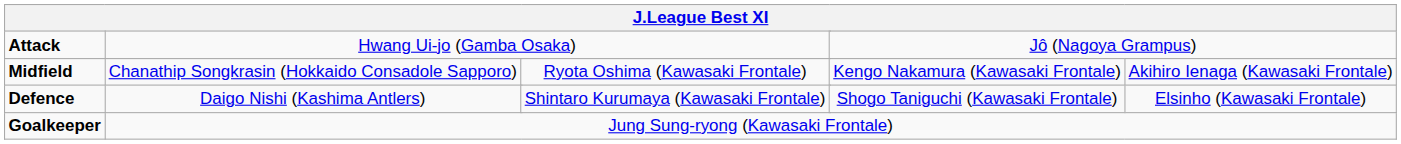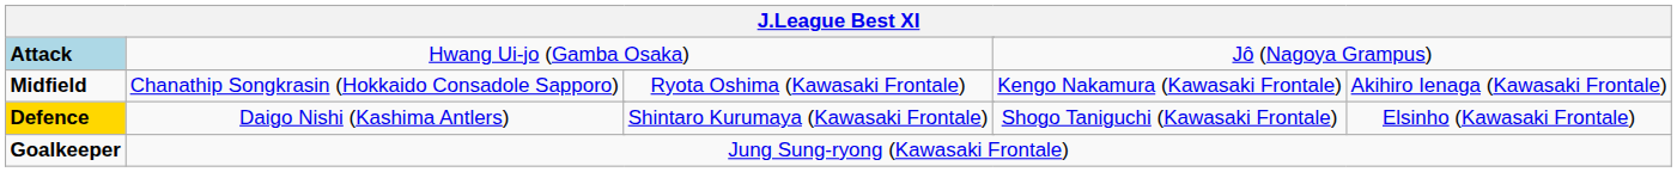 <table class="wikitable">
 <tr>
 <th colspan="13"><a href='#'>J.League Best XI</a></th>
 </tr>
 <tr>
-<td><strong>Attack</strong></td>
+<td style="background: lightblue;"><strong>Attack</strong></td>
 <td colspan="6" align="center"> <a href='#'>Hwang Ui-jo</a> (<a href='#'>Gamba Osaka</a>)</td>
 <td colspan="6" align="center"> <a href='#'>Jô</a> (<a href='#'>Nagoya Grampus</a>)</td>
 </tr>
 <tr>
 <td><strong>Midfield</strong></td>
 <td colspan="3" align="center"> <a href='#'>Chanathip Songkrasin</a> (<a href='#'>Hokkaido Consadole Sapporo</a>)</td>
 <td colspan="3" align="center"> <a href='#'>Ryota Oshima</a> (<a href='#'>Kawasaki Frontale</a>)</td>
 <td colspan="3" align="center"> <a href='#'>Kengo Nakamura</a> (<a href='#'>Kawasaki Frontale</a>)</td>
 <td colspan="3" align="center"> <a href='#'>Akihiro Ienaga</a> (<a href='#'>Kawasaki Frontale</a>)</td>
 </tr>
 <tr>
-<td><strong>Defence</strong></td>
+<td style="background: gold;"><strong>Defence</strong></td>
 <td colspan="3" align="center"> <a href='#'>Daigo Nishi</a> (<a href='#'>Kashima Antlers</a>)</td>
 <td colspan="3" align="center"> <a href='#'>Shintaro Kurumaya</a> (<a href='#'>Kawasaki Frontale</a>)</td>
 <td colspan="3" align="center"> <a href='#'>Shogo Taniguchi</a> (<a href='#'>Kawasaki Frontale</a>)</td>
 <td colspan="3" align="center"> <a href='#'>Elsinho</a> (<a href='#'>Kawasaki Frontale</a>)</td>
 </tr>
 <tr>
 <td><strong>Goalkeeper</strong></td>
 <td colspan="12" align="center"> <a href='#'>Jung Sung-ryong</a> (<a href='#'>Kawasaki Frontale</a>)</td>
 </tr>
 </table>
